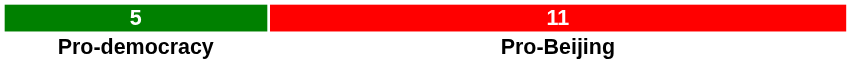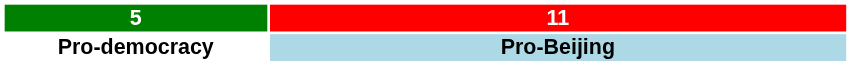 <table style="width:50%; text-align:center;">
 <tr style="color:white;">
 <td style="background:green; width:31.25%;"><strong>5</strong></td>
 <td style="background:red; width:68.75%;"><strong>11</strong></td>
 </tr>
 <tr>
 <td><span><strong>Pro-democracy</strong></span></td>
-<td><span><strong>Pro-Beijing</strong></span></td>
+<td style="background: lightblue;"><span><strong>Pro-Beijing</strong></span></td>
 </tr>
 </table>
